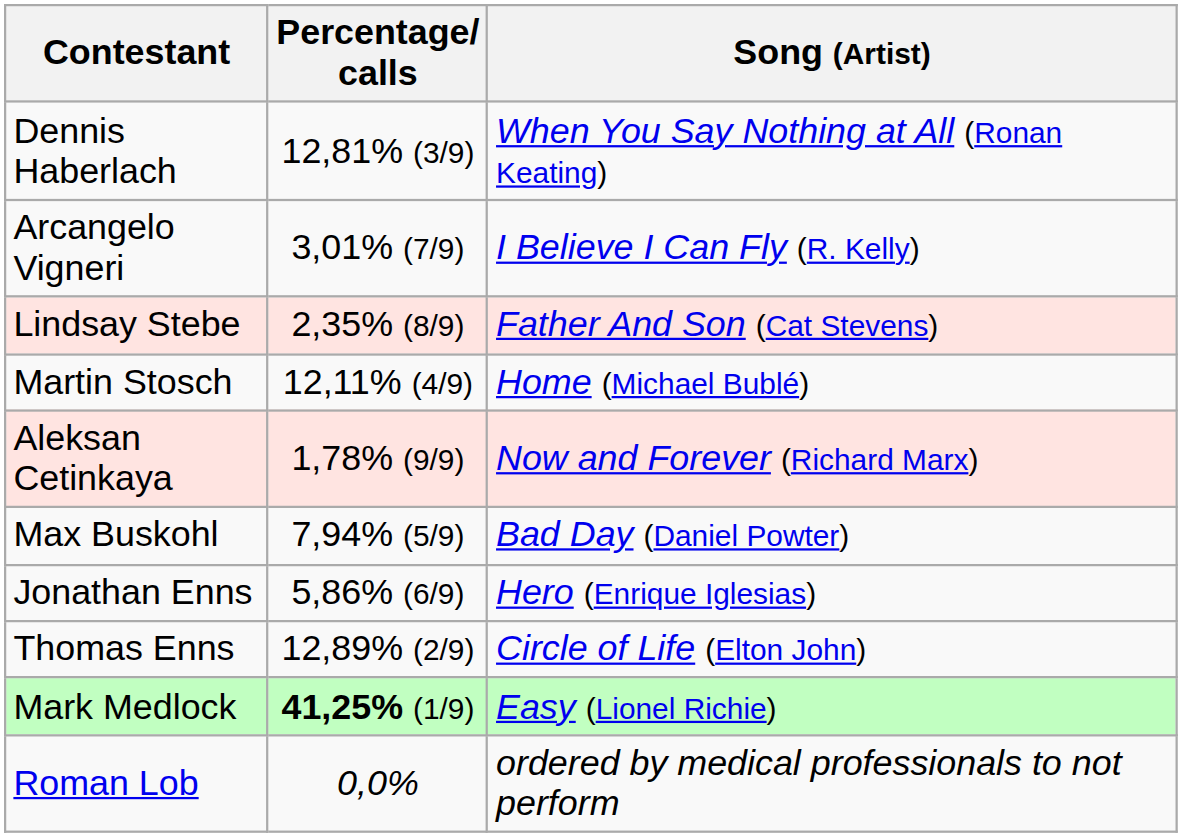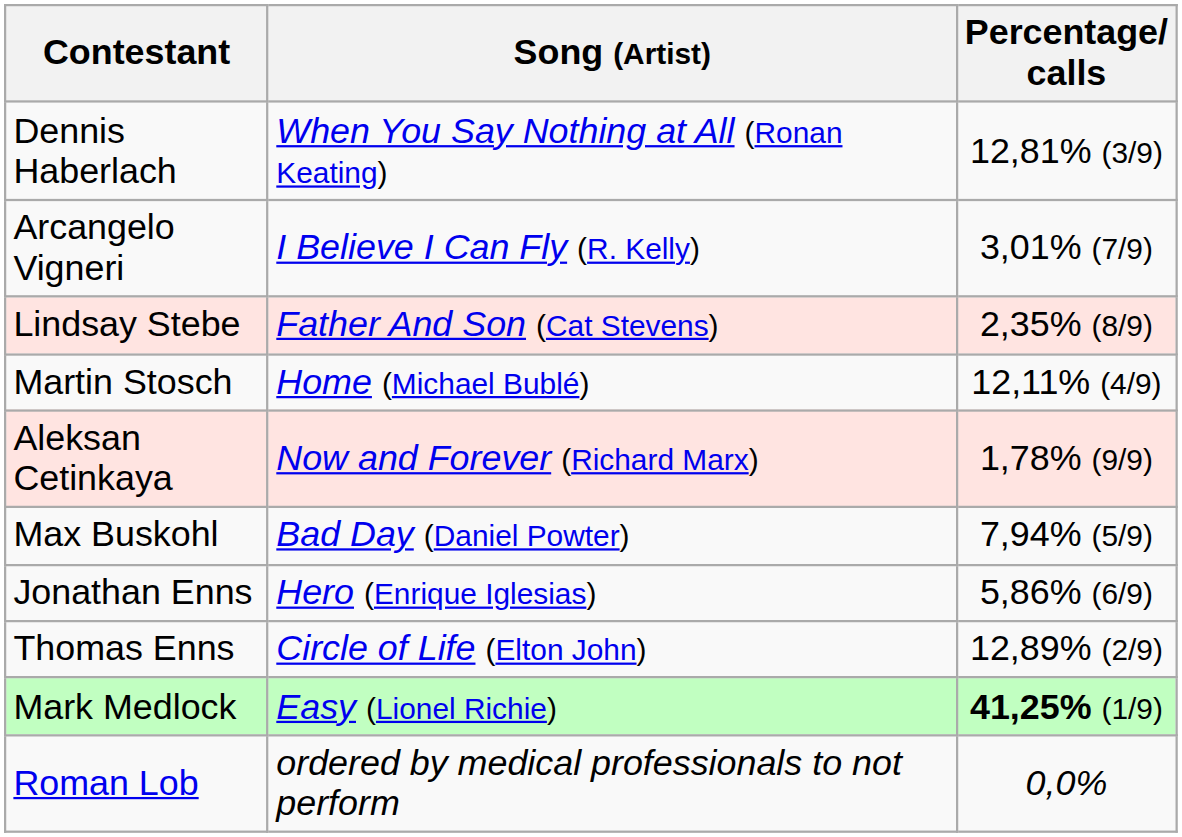 <table class="wikitable">
 <tr>
 <th width="110">Contestant</th>
+<th width="300">Song <small>(Artist)</small></th>
 <th width="28">Percentage/<br>calls</th>
-<th width="300">Song <small>(Artist)</small></th>
 </tr>
 <tr>
 <td align="left">Dennis Haberlach</td>
+<td align="left"><em><a href='#'>When You Say Nothing at All</a></em> <small>(<a href='#'>Ronan Keating</a>)</small></td>
 <td align="center">12,81% <small>(3/9)</small></td>
-<td align="left"><em><a href='#'>When You Say Nothing at All</a></em> <small>(<a href='#'>Ronan Keating</a>)</small></td>
 </tr>
 <tr>
 <td align="left">Arcangelo Vigneri</td>
+<td align="left"><em><a href='#'>I Believe I Can Fly</a></em> <small>(<a href='#'>R. Kelly</a>)</small></td>
 <td align="center">3,01% <small>(7/9)</small></td>
-<td align="left"><em><a href='#'>I Believe I Can Fly</a></em> <small>(<a href='#'>R. Kelly</a>)</small></td>
 </tr>
 <tr bgcolor="#FFE4E1">
 <td align="left">Lindsay Stebe</td>
+<td align="left"><em><a href='#'>Father And Son</a></em> <small>(<a href='#'>Cat Stevens</a>)</small></td>
 <td align="center">2,35% <small>(8/9)</small></td>
-<td align="left"><em><a href='#'>Father And Son</a></em> <small>(<a href='#'>Cat Stevens</a>)</small></td>
 </tr>
 <tr>
 <td align="left">Martin Stosch</td>
+<td align="left"><em><a href='#'>Home</a></em> <small>(<a href='#'>Michael Bublé</a>)</small></td>
 <td align="center">12,11% <small>(4/9)</small></td>
-<td align="left"><em><a href='#'>Home</a></em> <small>(<a href='#'>Michael Bublé</a>)</small></td>
 </tr>
 <tr bgcolor="#FFE4E1">
 <td align="left">Aleksan Cetinkaya</td>
+<td align="left"><em><a href='#'>Now and Forever</a></em> <small>(<a href='#'>Richard Marx</a>)</small></td>
 <td align="center">1,78% <small>(9/9)</small></td>
-<td align="left"><em><a href='#'>Now and Forever</a></em> <small>(<a href='#'>Richard Marx</a>)</small></td>
 </tr>
 <tr>
 <td align="left">Max Buskohl</td>
+<td align="left"><em><a href='#'>Bad Day</a></em> <small>(<a href='#'>Daniel Powter</a>)</small></td>
 <td align="center">7,94% <small>(5/9)</small></td>
-<td align="left"><em><a href='#'>Bad Day</a></em> <small>(<a href='#'>Daniel Powter</a>)</small></td>
 </tr>
 <tr>
 <td align="left">Jonathan Enns</td>
+<td align="left"><em><a href='#'>Hero</a></em> <small>(<a href='#'>Enrique Iglesias</a>)</small></td>
 <td align="center">5,86% <small>(6/9)</small></td>
-<td align="left"><em><a href='#'>Hero</a></em> <small>(<a href='#'>Enrique Iglesias</a>)</small></td>
 </tr>
 <tr>
 <td align="left">Thomas Enns</td>
+<td align="left"><em><a href='#'>Circle of Life</a></em> <small>(<a href='#'>Elton John</a>)</small></td>
 <td align="center">12,89% <small>(2/9)</small></td>
-<td align="left"><em><a href='#'>Circle of Life</a></em> <small>(<a href='#'>Elton John</a>)</small></td>
 </tr>
 <tr bgcolor="#C1FFC1">
 <td align="left">Mark Medlock</td>
+<td align="left"><em><a href='#'>Easy</a></em> <small>(<a href='#'>Lionel Richie</a>)</small></td>
 <td align="center"><strong>41,25%</strong> <small>(1/9)</small></td>
-<td align="left"><em><a href='#'>Easy</a></em> <small>(<a href='#'>Lionel Richie</a>)</small></td>
 </tr>
 <tr>
 <td align="left"><a href='#'>Roman Lob</a></td>
+<td align="left"><em>ordered by medical professionals to not perform</em></td>
 <td align="center"><em>0,0%</em></td>
-<td align="left"><em>ordered by medical professionals to not perform</em></td>
 </tr>
 </table>
